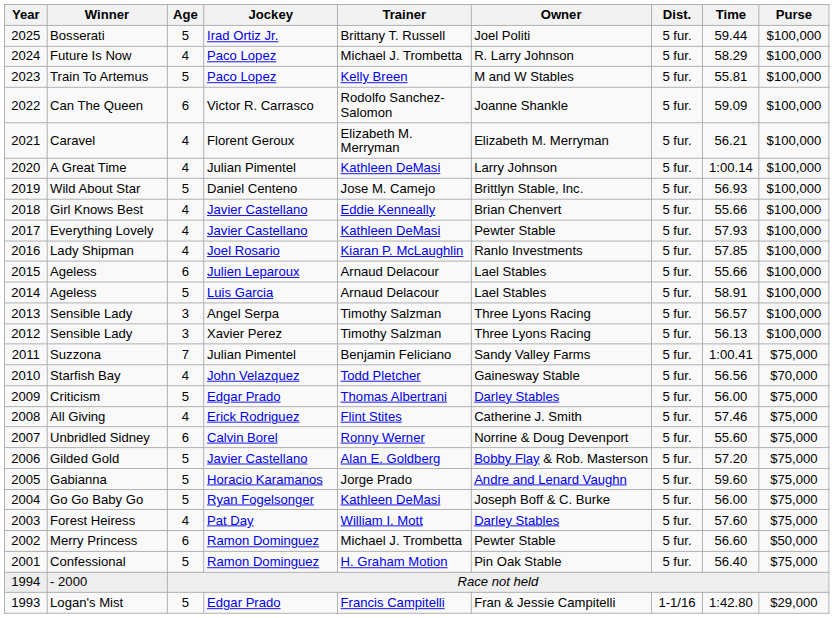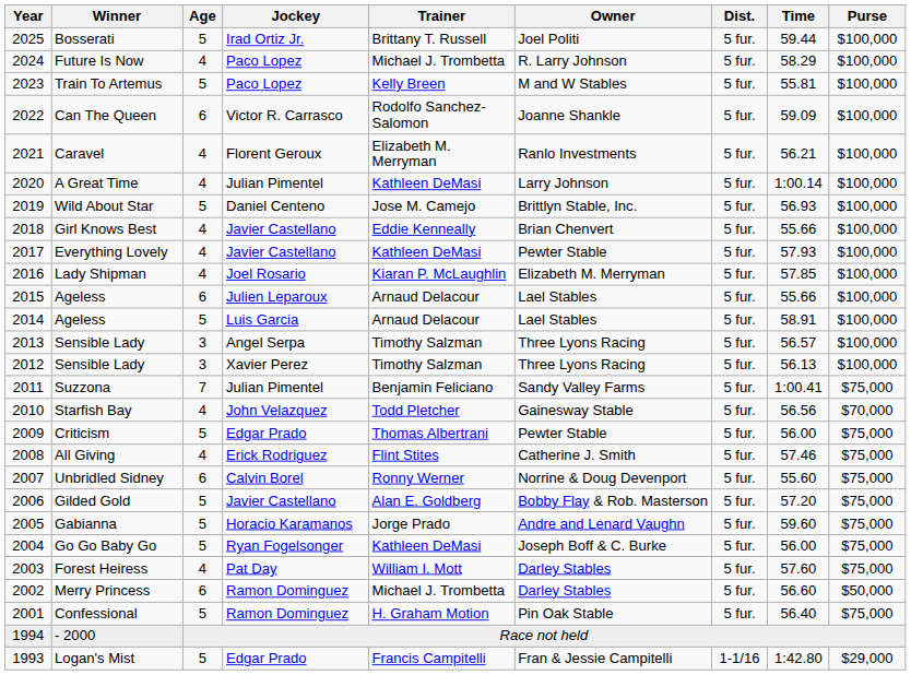 <table class="wikitable sortable" style="font-size:90%">
 <tr>
 <th style="width:40px">Year<br></th>
 <th style="width:125px">Winner<br></th>
 <th style="width:34px">Age<br></th>
 <th style="width:140px">Jockey<br></th>
 <th style="width:140px">Trainer<br></th>
 <th style="width:">Owner<br></th>
 <th style="width:50px">Dist.<br></th>
 <th style="width:55px">Time<br></th>
 <th style="width:70px">Purse<br></th>
 </tr>
 <tr>
 <td align="center">2025</td>
 <td>Bosserati</td>
 <td align="center">5</td>
 <td><a href='#'>Irad Ortiz Jr.</a></td>
 <td>Brittany T. Russell</td>
 <td>Joel Politi</td>
 <td align="center">5 fur.</td>
 <td align="center">59.44</td>
 <td align="center">$100,000</td>
 </tr>
 <tr>
 <td align="center">2024</td>
 <td>Future Is Now</td>
 <td align="center">4</td>
 <td><a href='#'>Paco Lopez</a></td>
 <td>Michael J. Trombetta</td>
 <td>R. Larry Johnson</td>
 <td align="center">5 fur.</td>
 <td align="center">58.29</td>
 <td align="center">$100,000</td>
 </tr>
 <tr>
 <td align="center">2023</td>
 <td>Train To Artemus</td>
 <td align="center">5</td>
 <td><a href='#'>Paco Lopez</a></td>
 <td><a href='#'>Kelly Breen</a></td>
 <td>M and W Stables</td>
 <td align="center">5 fur.</td>
 <td align="center">55.81</td>
 <td align="center">$100,000</td>
 </tr>
 <tr>
 <td align="center">2022</td>
 <td>Can The Queen</td>
 <td align="center">6</td>
 <td>Victor R. Carrasco</td>
 <td>Rodolfo Sanchez-Salomon</td>
 <td>Joanne Shankle</td>
 <td align="center">5 fur.</td>
 <td align="center">59.09</td>
 <td align="center">$100,000</td>
 </tr>
 <tr>
 <td align="center">2021</td>
 <td>Caravel</td>
 <td align="center">4</td>
 <td>Florent Geroux</td>
 <td>Elizabeth M. Merryman</td>
-<td>Elizabeth M. Merryman</td>
+<td>Ranlo Investments</td>
 <td align="center">5 fur.</td>
 <td align="center">56.21</td>
 <td align="center">$100,000</td>
 </tr>
 <tr>
 <td align="center">2020</td>
 <td>A Great Time</td>
 <td align="center">4</td>
 <td>Julian Pimentel</td>
 <td><a href='#'>Kathleen DeMasi</a></td>
 <td>Larry Johnson</td>
 <td align="center">5 fur.</td>
 <td align="center">1:00.14</td>
 <td align="center">$100,000</td>
 </tr>
 <tr>
 <td align="center">2019</td>
 <td>Wild About Star</td>
 <td align="center">5</td>
 <td>Daniel Centeno</td>
 <td>Jose M. Camejo</td>
 <td>Brittlyn Stable, Inc.</td>
 <td align="center">5 fur.</td>
 <td align="center">56.93</td>
 <td align="center">$100,000</td>
 </tr>
 <tr>
 <td align="center">2018</td>
 <td>Girl Knows Best</td>
 <td align="center">4</td>
 <td><a href='#'>Javier Castellano</a></td>
 <td><a href='#'>Eddie Kenneally</a></td>
 <td>Brian Chenvert</td>
 <td align="center">5 fur.</td>
 <td align="center">55.66</td>
 <td align="center">$100,000</td>
 </tr>
 <tr>
 <td align="center">2017</td>
 <td>Everything Lovely</td>
 <td align="center">4</td>
 <td><a href='#'>Javier Castellano</a></td>
 <td><a href='#'>Kathleen DeMasi</a></td>
 <td>Pewter Stable</td>
 <td align="center">5 fur.</td>
 <td align="center">57.93</td>
 <td align="center">$100,000</td>
 </tr>
 <tr>
 <td align="center">2016</td>
 <td>Lady Shipman</td>
 <td align="center">4</td>
 <td><a href='#'>Joel Rosario</a></td>
 <td><a href='#'>Kiaran P. McLaughlin</a></td>
-<td>Ranlo Investments</td>
+<td>Elizabeth M. Merryman</td>
 <td align="center">5 fur.</td>
 <td align="center">57.85</td>
 <td align="center">$100,000</td>
 </tr>
 <tr>
 <td align="center">2015</td>
 <td>Ageless</td>
 <td align="center">6</td>
 <td><a href='#'>Julien Leparoux</a></td>
 <td>Arnaud Delacour</td>
 <td>Lael Stables</td>
 <td align="center">5 fur.</td>
 <td align="center">55.66</td>
 <td align="center">$100,000</td>
 </tr>
 <tr>
 <td align="center">2014</td>
 <td>Ageless</td>
 <td align="center">5</td>
 <td><a href='#'>Luis Garcia</a></td>
 <td>Arnaud Delacour</td>
 <td>Lael Stables</td>
 <td align="center">5 fur.</td>
 <td align="center">58.91</td>
 <td align="center">$100,000</td>
 </tr>
 <tr>
 <td align="center">2013</td>
 <td>Sensible Lady</td>
 <td align="center">3</td>
 <td>Angel Serpa</td>
 <td>Timothy Salzman</td>
 <td>Three Lyons Racing</td>
 <td align="center">5 fur.</td>
 <td align="center">56.57</td>
 <td align="center">$100,000</td>
 </tr>
 <tr>
 <td align="center">2012</td>
 <td>Sensible Lady</td>
 <td align="center">3</td>
 <td>Xavier Perez</td>
 <td>Timothy Salzman</td>
 <td>Three Lyons Racing</td>
 <td align="center">5 fur.</td>
 <td align="center">56.13</td>
 <td align="center">$100,000</td>
 </tr>
 <tr>
 <td align="center">2011</td>
 <td>Suzzona</td>
 <td align="center">7</td>
 <td>Julian Pimentel</td>
 <td>Benjamin Feliciano</td>
 <td>Sandy Valley Farms</td>
 <td align="center">5 fur.</td>
 <td align="center">1:00.41</td>
 <td align="center">$75,000</td>
 </tr>
 <tr>
 <td align="center">2010</td>
 <td>Starfish Bay</td>
 <td align="center">4</td>
 <td><a href='#'>John Velazquez</a></td>
 <td><a href='#'>Todd Pletcher</a></td>
 <td>Gainesway Stable</td>
 <td align="center">5 fur.</td>
 <td align="center">56.56</td>
 <td align="center">$70,000</td>
 </tr>
 <tr>
 <td align="center">2009</td>
 <td>Criticism</td>
 <td align="center">5</td>
 <td><a href='#'>Edgar Prado</a></td>
 <td><a href='#'>Thomas Albertrani</a></td>
-<td><a href='#'>Darley Stables</a></td>
+<td>Pewter Stable</td>
 <td align="center">5 fur.</td>
 <td align="center">56.00</td>
 <td align="center">$75,000</td>
 </tr>
 <tr>
 <td align="center">2008</td>
 <td>All Giving</td>
 <td align="center">4</td>
 <td><a href='#'>Erick Rodriguez</a></td>
 <td><a href='#'>Flint Stites</a></td>
 <td>Catherine J. Smith</td>
 <td align="center">5 fur.</td>
 <td align="center">57.46</td>
 <td align="center">$75,000</td>
 </tr>
 <tr>
 <td align="center">2007</td>
 <td>Unbridled Sidney</td>
 <td align="center">6</td>
 <td><a href='#'>Calvin Borel</a></td>
 <td><a href='#'>Ronny Werner</a></td>
 <td>Norrine & Doug Devenport</td>
 <td align="center">5 fur.</td>
 <td align="center">55.60</td>
 <td align="center">$75,000</td>
 </tr>
 <tr>
 <td align="center">2006</td>
 <td>Gilded Gold</td>
 <td align="center">5</td>
 <td><a href='#'>Javier Castellano</a></td>
 <td><a href='#'>Alan E. Goldberg</a></td>
 <td><a href='#'>Bobby Flay</a> & Rob. Masterson</td>
 <td align="center">5 fur.</td>
 <td align="center">57.20</td>
 <td align="center">$75,000</td>
 </tr>
 <tr>
 <td align="center">2005</td>
 <td>Gabianna</td>
 <td align="center">5</td>
 <td><a href='#'>Horacio Karamanos</a></td>
 <td>Jorge Prado</td>
 <td><a href='#'>Andre and Lenard Vaughn</a></td>
 <td align="center">5 fur.</td>
 <td align="center">59.60</td>
 <td align="center">$75,000</td>
 </tr>
 <tr>
 <td align="center">2004</td>
 <td>Go Go Baby Go</td>
 <td align="center">5</td>
 <td><a href='#'>Ryan Fogelsonger</a></td>
 <td><a href='#'>Kathleen DeMasi</a></td>
 <td>Joseph Boff & C. Burke</td>
 <td align="center">5 fur.</td>
 <td align="center">56.00</td>
 <td align="center">$75,000</td>
 </tr>
 <tr>
 <td align="center">2003</td>
 <td>Forest Heiress</td>
 <td align="center">4</td>
 <td><a href='#'>Pat Day</a></td>
 <td><a href='#'>William I. Mott</a></td>
 <td><a href='#'>Darley Stables</a></td>
 <td align="center">5 fur.</td>
 <td align="center">57.60</td>
 <td align="center">$75,000</td>
 </tr>
 <tr>
 <td align="center">2002</td>
 <td>Merry Princess</td>
 <td align="center">6</td>
 <td><a href='#'>Ramon Dominguez</a></td>
 <td>Michael J. Trombetta</td>
-<td>Pewter Stable</td>
+<td><a href='#'>Darley Stables</a></td>
 <td align="center">5 fur.</td>
 <td align="center">56.60</td>
 <td align="center">$50,000</td>
 </tr>
 <tr>
 <td align="center">2001</td>
 <td>Confessional</td>
 <td align="center">5</td>
 <td><a href='#'>Ramon Dominguez</a></td>
 <td><a href='#'>H. Graham Motion</a></td>
 <td>Pin Oak Stable</td>
 <td align="center">5 fur.</td>
 <td align="center">56.40</td>
 <td align="center">$75,000</td>
 </tr>
 <tr bgcolor="#eeeeee">
 <td align="center">1994</td>
 <td>- 2000</td>
 <td colspan="8" align="center"><em>Race not held</em></td>
 </tr>
 <tr>
 <td align="center">1993</td>
 <td>Logan's Mist</td>
 <td align="center">5</td>
 <td><a href='#'>Edgar Prado</a></td>
 <td><a href='#'>Francis Campitelli</a></td>
 <td>Fran & Jessie Campitelli</td>
 <td align="center">1-1/16</td>
 <td align="center">1:42.80</td>
 <td align="center">$29,000</td>
 </tr>
 </table>
